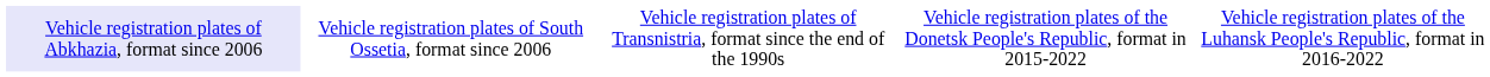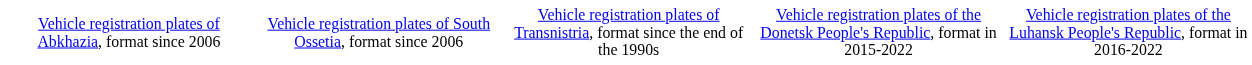 <table class="graytable" style="text-align:center">
 <tr>
 <td width="20%"></td>
 <td width="20%"></td>
 <td width="20%"></td>
 <td width="20%"></td>
 <td width="20%"></td>
 </tr>
 <tr>
-<td style="background: lavender;"><a href='#'>Vehicle registration plates of Abkhazia</a>, format since 2006</td>
+<td><a href='#'>Vehicle registration plates of Abkhazia</a>, format since 2006</td>
 <td><a href='#'>Vehicle registration plates of South Ossetia</a>, format since 2006</td>
 <td><a href='#'>Vehicle registration plates of Transnistria</a>, format since the end of the 1990s</td>
 <td><a href='#'>Vehicle registration plates of the Donetsk People's Republic</a>, format in 2015-2022</td>
 <td><a href='#'>Vehicle registration plates of the Luhansk People's Republic</a>, format in 2016-2022</td>
 </tr>
 </table>
